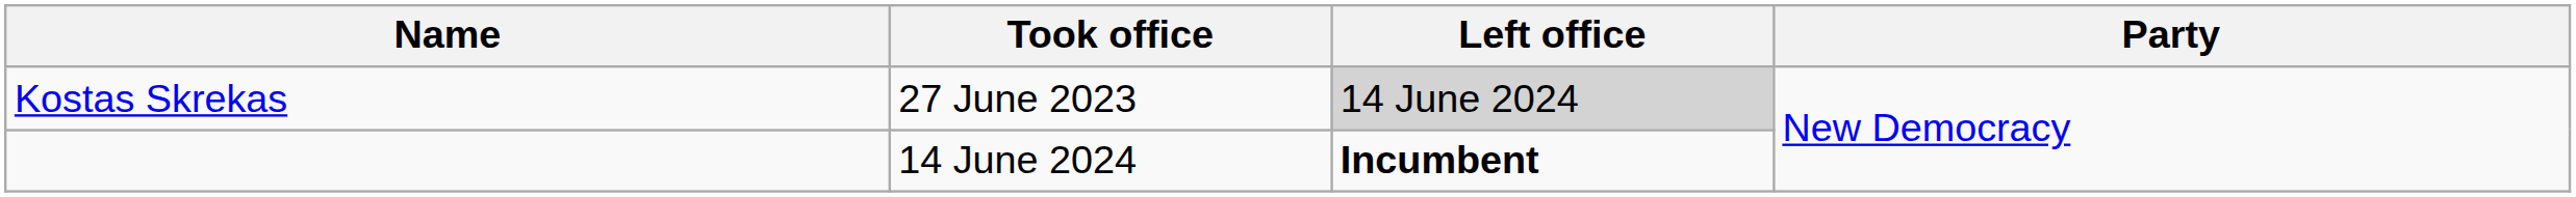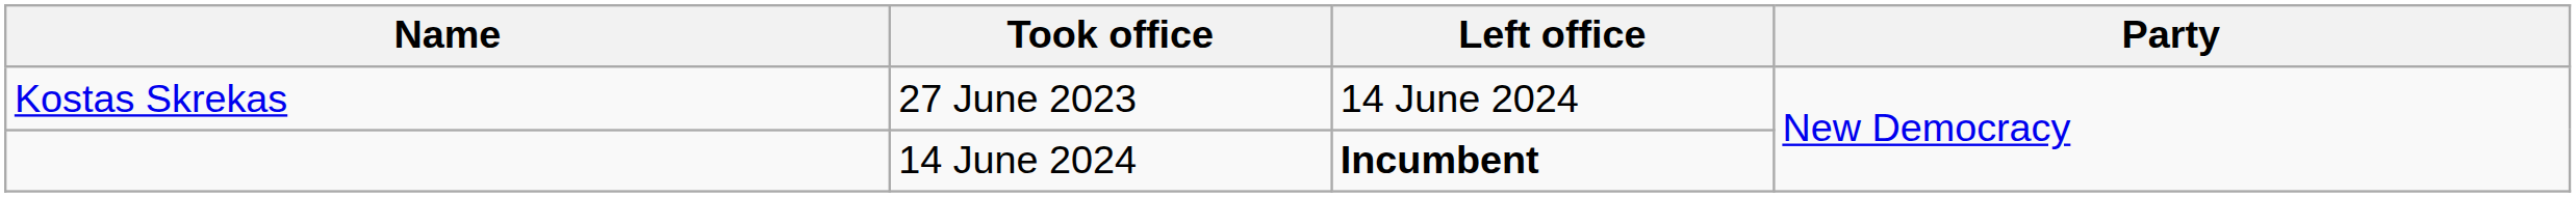 <table class="wikitable">
 <tr>
 <th width="20%">Name</th>
 <th width="10%">Took office</th>
 <th width="10%">Left office</th>
 <th width="18%">Party</th>
 </tr>
 <tr>
 <td><a href='#'>Kostas Skrekas</a></td>
 <td>27 June 2023</td>
-<td style="background: lightgrey;">14 June 2024</td>
+<td>14 June 2024</td>
 <td rowspan=2><a href='#'>New Democracy</a></td>
 </tr>
 <tr>
 <td></td>
 <td>14 June 2024</td>
 <td><strong>Incumbent</strong></td>
 </tr>
 </table>
